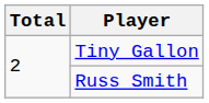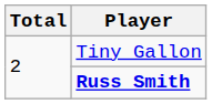 <table class="wikitable">
 <tr>
 <th>Total</th>
 <th>Player</th>
 </tr>
 <tr>
 <td rowspan=2>2</td>
 <td><a href='#'>Tiny Gallon</a></td>
 </tr>
 <tr>
-<td><a href='#'>Russ Smith</a></td>
+<td><strong><a href='#'>Russ Smith</a></strong></td>
 </tr>
 </table>
